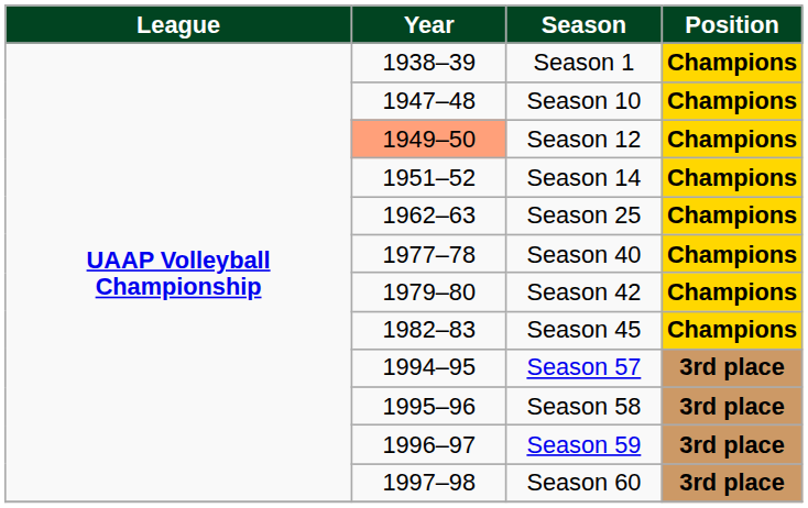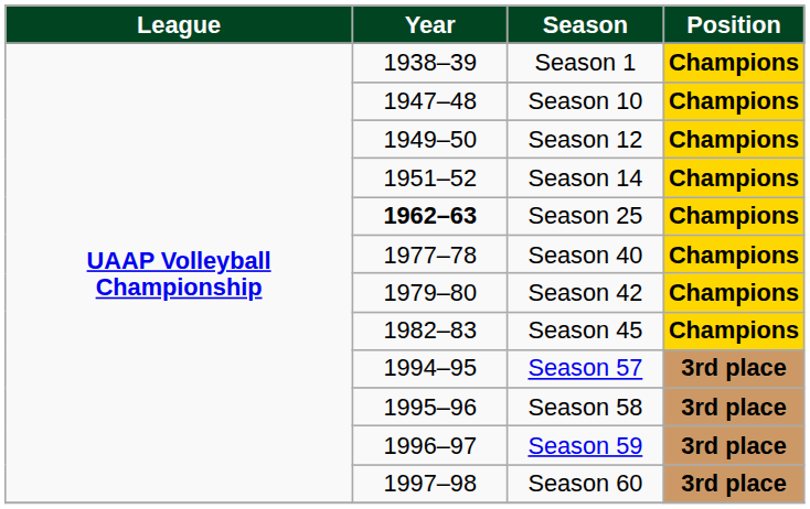 <table class="wikitable" style="text-align:center; font-size:10pt;">
 <tr style="background: #014421; font-weight:bold;">
 <td style="width:14em;color:#FFFFFF">League</td>
 <td style="width:6em;color:#FFFFFF">Year</td>
 <td style="width:6em;color:#FFFFFF">Season</td>
 <td style="width:4em;color:#FFFFFF">Position</td>
 </tr>
 <tr>
 <td rowspan="12"><strong><a href='#'>UAAP Volleyball Championship</a></strong></td>
 <td>1938–39</td>
 <td align="center">Season 1</td>
 <td bgcolor="gold"><strong>Champions</strong></td>
 </tr>
 <tr>
 <td>1947–48</td>
 <td align="center">Season 10</td>
 <td bgcolor="gold"><strong>Champions</strong></td>
 </tr>
 <tr>
-<td style="background: lightsalmon;">1949–50</td>
+<td>1949–50</td>
 <td align="center">Season 12</td>
 <td bgcolor="gold"><strong>Champions</strong></td>
 </tr>
 <tr>
 <td>1951–52</td>
 <td align="center">Season 14</td>
 <td bgcolor="gold"><strong>Champions</strong></td>
 </tr>
 <tr>
-<td>1962–63</td>
+<td><strong>1962–63</strong></td>
 <td align="center">Season 25</td>
 <td bgcolor="gold"><strong>Champions</strong></td>
 </tr>
 <tr>
 <td>1977–78</td>
 <td align="center">Season 40</td>
 <td bgcolor="gold"><strong>Champions</strong></td>
 </tr>
 <tr>
 <td>1979–80</td>
 <td align="center">Season 42</td>
 <td bgcolor="gold"><strong>Champions</strong></td>
 </tr>
 <tr>
 <td>1982–83</td>
 <td align="center">Season 45</td>
 <td bgcolor="gold"><strong>Champions</strong></td>
 </tr>
 <tr>
 <td>1994–95</td>
 <td align="center"><a href='#'>Season 57</a></td>
 <td bgcolor="#CC9966"><strong>3rd place</strong></td>
 </tr>
 <tr>
 <td>1995–96</td>
 <td align="center">Season 58</td>
 <td bgcolor="#CC9966"><strong>3rd place</strong></td>
 </tr>
 <tr>
 <td>1996–97</td>
 <td align="center"><a href='#'>Season 59</a></td>
 <td bgcolor="#CC9966"><strong>3rd place</strong></td>
 </tr>
 <tr>
 <td>1997–98</td>
 <td align="center">Season 60</td>
 <td bgcolor="#CC9966"><strong>3rd place</strong></td>
 </tr>
 <tr>
 </tr>
 </table>
